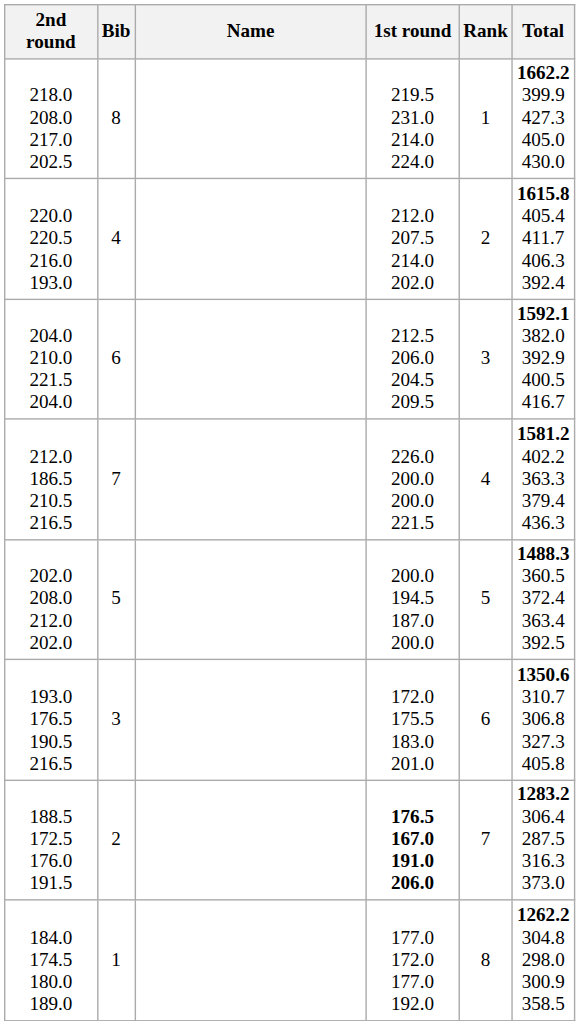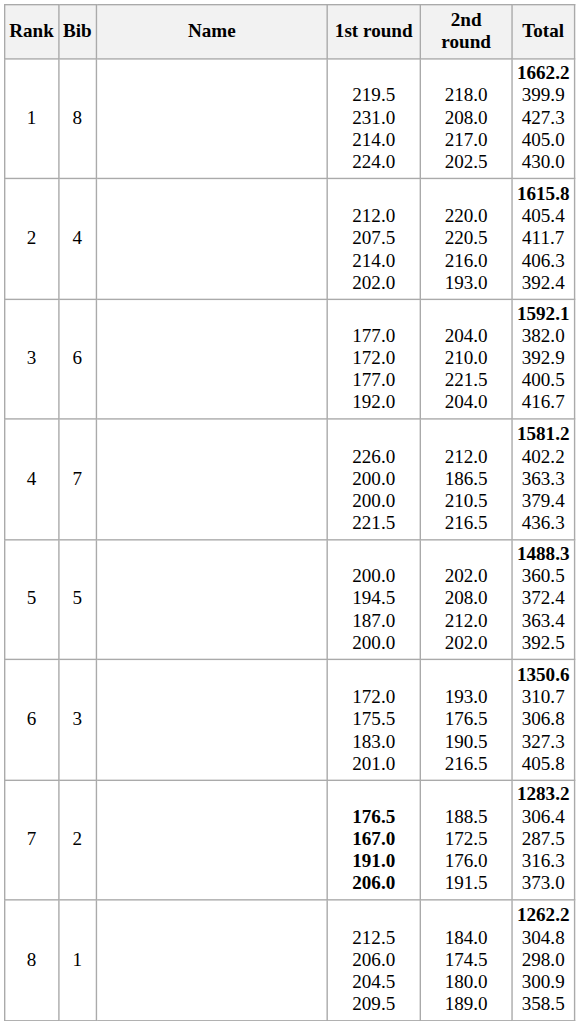 <table class="wikitable plainrowheaders" style="background:#fff; font-size:86%; line-height:16px; border:grey solid 1px; border-collapse:collapse;">
 <tr>
-<th width=60>2nd round</th>
+<th>Rank</th>
 <th>Bib</th>
 <th width=160>Name</th>
 <th width=60>1st round</th>
-<th>Rank</th>
+<th width=60>2nd round</th>
 <th>Total</th>
 </tr>
 <tr align=center>
-<td><br>218.0<br>208.0<br>217.0<br>202.5</td>
+<td>1</td>
 <td>8</td>
 <td align=left></td>
 <td><br>219.5<br>231.0<br>214.0<br>224.0</td>
-<td>1</td>
+<td><br>218.0<br>208.0<br>217.0<br>202.5</td>
 <td><strong>1662.2</strong><br>399.9<br>427.3<br>405.0<br>430.0</td>
 </tr>
 <tr align=center>
-<td><br>220.0<br>220.5<br>216.0<br>193.0</td>
+<td>2</td>
 <td>4</td>
 <td align=left></td>
 <td><br>212.0<br>207.5<br>214.0<br>202.0</td>
-<td>2</td>
+<td><br>220.0<br>220.5<br>216.0<br>193.0</td>
 <td><strong>1615.8</strong><br>405.4<br>411.7<br>406.3<br>392.4</td>
 </tr>
 <tr align=center>
-<td><br>204.0<br>210.0<br>221.5<br>204.0</td>
+<td>3</td>
 <td>6</td>
 <td align=left></td>
-<td><br>212.5<br>206.0<br>204.5<br>209.5</td>
-<td>3</td>
+<td><br>177.0<br>172.0<br>177.0<br>192.0</td>
+<td><br>204.0<br>210.0<br>221.5<br>204.0</td>
 <td><strong>1592.1</strong><br>382.0<br>392.9<br>400.5<br>416.7</td>
 </tr>
 <tr align=center>
-<td><br>212.0<br>186.5<br>210.5<br>216.5</td>
+<td>4</td>
 <td>7</td>
 <td align=left></td>
 <td><br>226.0<br>200.0<br>200.0<br>221.5</td>
-<td>4</td>
+<td><br>212.0<br>186.5<br>210.5<br>216.5</td>
 <td><strong>1581.2</strong><br>402.2<br>363.3<br>379.4<br>436.3</td>
 </tr>
 <tr align=center>
-<td><br>202.0<br>208.0<br>212.0<br>202.0</td>
+<td>5</td>
 <td>5</td>
 <td align=left></td>
 <td><br>200.0<br>194.5<br>187.0<br>200.0</td>
-<td>5</td>
+<td><br>202.0<br>208.0<br>212.0<br>202.0</td>
 <td><strong>1488.3</strong><br>360.5<br>372.4<br>363.4<br>392.5</td>
 </tr>
 <tr align=center>
-<td><br>193.0<br>176.5<br>190.5<br>216.5</td>
+<td>6</td>
 <td>3</td>
 <td align=left></td>
 <td><br>172.0<br>175.5<br>183.0<br>201.0</td>
-<td>6</td>
+<td><br>193.0<br>176.5<br>190.5<br>216.5</td>
 <td><strong>1350.6</strong><br>310.7<br>306.8<br>327.3<br>405.8</td>
 </tr>
 <tr align=center>
-<td><br>188.5<br>172.5<br>176.0<br>191.5</td>
+<td>7</td>
 <td>2</td>
 <td align=left></td>
 <td><strong><br>176.5<br>167.0<br>191.0<br>206.0</strong></td>
-<td>7</td>
+<td><br>188.5<br>172.5<br>176.0<br>191.5</td>
 <td><strong>1283.2</strong><br>306.4<br>287.5<br>316.3<br>373.0</td>
 </tr>
 <tr align=center>
-<td><br>184.0<br>174.5<br>180.0<br>189.0</td>
+<td>8</td>
 <td>1</td>
 <td align=left></td>
-<td><br>177.0<br>172.0<br>177.0<br>192.0</td>
-<td>8</td>
+<td><br>212.5<br>206.0<br>204.5<br>209.5</td>
+<td><br>184.0<br>174.5<br>180.0<br>189.0</td>
 <td><strong>1262.2</strong><br>304.8<br>298.0<br>300.9<br>358.5</td>
 </tr>
 </table>
